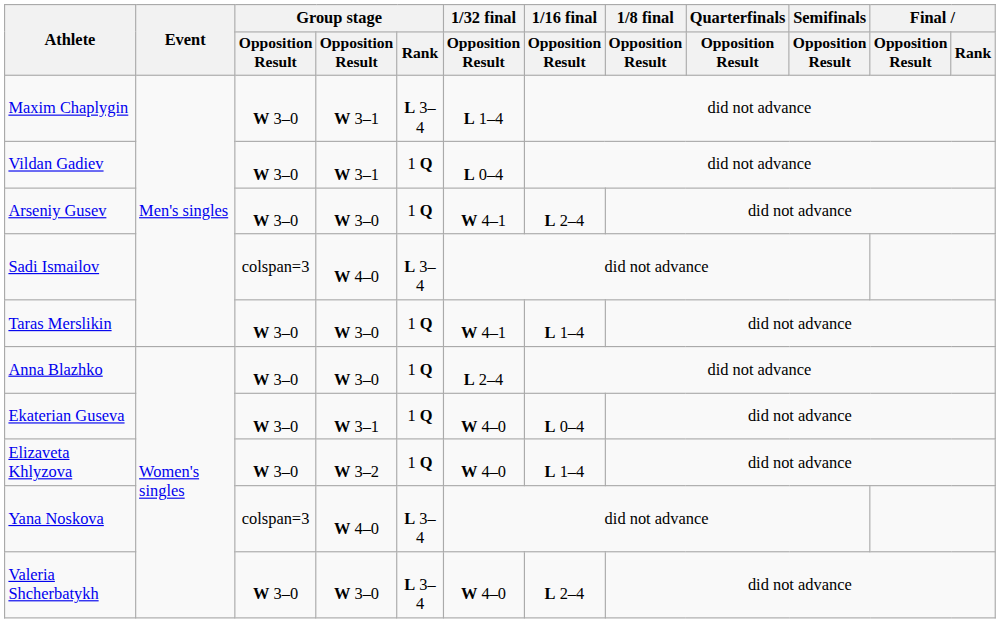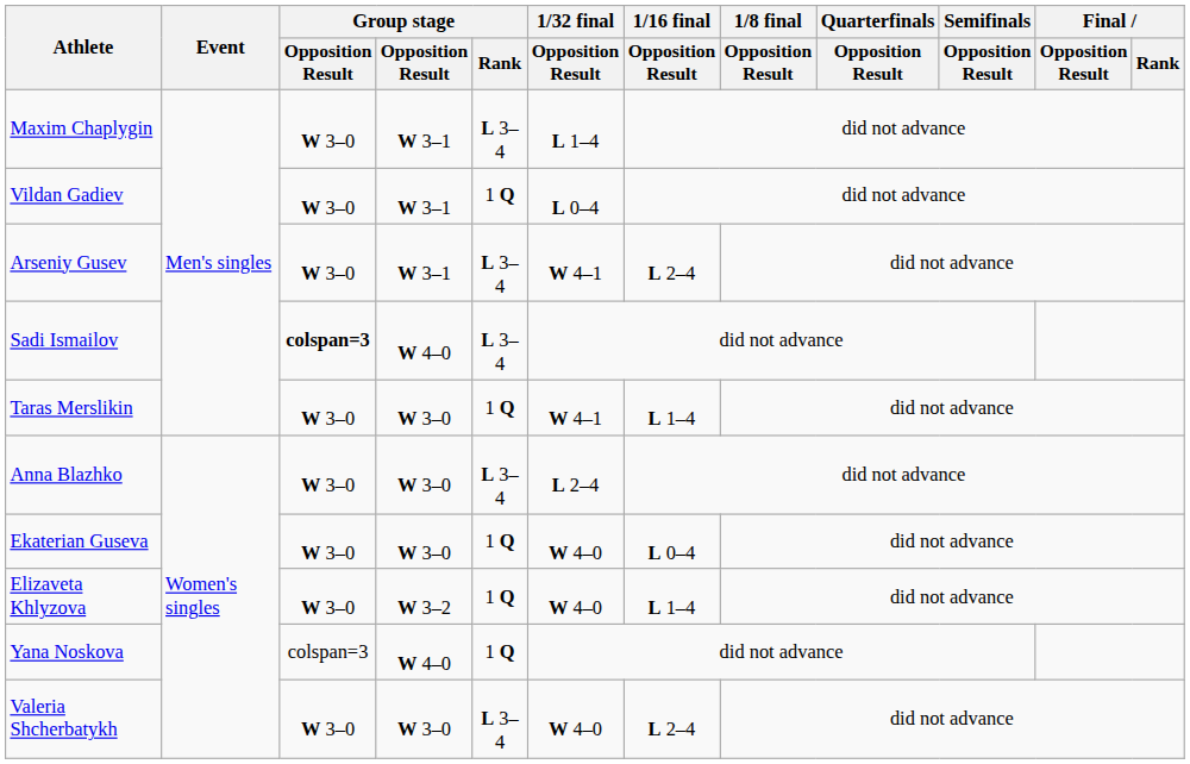 <table class="wikitable" style="text-align:center; font-size:90%">
 <tr>
 <th rowspan=2>Athlete</th>
 <th rowspan=2>Event</th>
 <th colspan=3>Group stage</th>
 <th>1/32 final</th>
 <th>1/16 final</th>
 <th>1/8 final</th>
 <th>Quarterfinals</th>
 <th>Semifinals</th>
 <th colspan=2>Final / </th>
 </tr>
 <tr style="font-size:95%">
 <th>Opposition<br>Result</th>
 <th>Opposition<br>Result</th>
 <th>Rank</th>
 <th>Opposition<br>Result</th>
 <th>Opposition<br>Result</th>
 <th>Opposition<br>Result</th>
 <th>Opposition<br>Result</th>
 <th>Opposition<br>Result</th>
 <th>Opposition<br>Result</th>
 <th>Rank</th>
 </tr>
 <tr>
 <td align=left><a href='#'>Maxim Chaplygin</a></td>
 <td align=left rowspan=5><a href='#'>Men's singles</a></td>
 <td><br><strong>W</strong> 3–0</td>
 <td><br><strong>W</strong> 3–1</td>
 <td><br><strong>L</strong> 3–4</td>
 <td><br><strong>L</strong> 1–4</td>
 <td colspan=6>did not advance</td>
 </tr>
 <tr>
 <td align=left><a href='#'>Vildan Gadiev</a></td>
 <td><br><strong>W</strong> 3–0</td>
 <td><br><strong>W</strong> 3–1</td>
 <td>1 <strong>Q</strong></td>
 <td><br><strong>L</strong> 0–4</td>
 <td colspan=6>did not advance</td>
 </tr>
 <tr>
 <td align=left><a href='#'>Arseniy Gusev</a></td>
 <td><br><strong>W</strong> 3–0</td>
-<td><br><strong>W</strong> 3–0</td>
-<td>1 <strong>Q</strong></td>
+<td><br><strong>W</strong> 3–1</td>
+<td><br><strong>L</strong> 3–4</td>
 <td><br><strong>W</strong> 4–1</td>
 <td><br><strong>L</strong> 2–4</td>
 <td colspan=5>did not advance</td>
 </tr>
 <tr>
 <td align=left><a href='#'>Sadi Ismailov</a></td>
-<td>colspan=3 </td>
+<td><strong>colspan=3 </strong></td>
 <td><br><strong>W</strong> 4–0</td>
 <td><br><strong>L</strong> 3–4</td>
 <td colspan=5>did not advance</td>
 </tr>
 <tr>
 <td align=left><a href='#'>Taras Merslikin</a></td>
 <td><br><strong>W</strong> 3–0</td>
 <td><br><strong>W</strong> 3–0</td>
 <td>1 <strong>Q</strong></td>
 <td><br><strong>W</strong> 4–1</td>
 <td><br><strong>L</strong> 1–4</td>
 <td colspan=5>did not advance</td>
 </tr>
 <tr>
 <td align=left><a href='#'>Anna Blazhko</a></td>
 <td align=left rowspan=5><a href='#'>Women's singles</a></td>
 <td><br><strong>W</strong> 3–0</td>
 <td><br><strong>W</strong> 3–0</td>
-<td>1 <strong>Q</strong></td>
+<td><br><strong>L</strong> 3–4</td>
 <td><br><strong>L</strong> 2–4</td>
 <td colspan=6>did not advance</td>
 </tr>
 <tr>
 <td align=left><a href='#'>Ekaterian Guseva</a></td>
 <td><br><strong>W</strong> 3–0</td>
-<td><br><strong>W</strong> 3–1</td>
+<td><br><strong>W</strong> 3–0</td>
 <td>1 <strong>Q</strong></td>
 <td><br><strong>W</strong> 4–0</td>
 <td><br><strong>L</strong> 0–4</td>
 <td colspan=5>did not advance</td>
 </tr>
 <tr>
 <td align=left><a href='#'>Elizaveta Khlyzova</a></td>
 <td><br><strong>W</strong> 3–0</td>
 <td><br><strong>W</strong> 3–2</td>
 <td>1 <strong>Q</strong></td>
 <td><br><strong>W</strong> 4–0</td>
 <td><br><strong>L</strong> 1–4</td>
 <td colspan=5>did not advance</td>
 </tr>
 <tr>
 <td align=left><a href='#'>Yana Noskova</a></td>
 <td>colspan=3 </td>
 <td><br><strong>W</strong> 4–0</td>
-<td><br><strong>L</strong> 3–4</td>
+<td>1 <strong>Q</strong></td>
 <td colspan=5>did not advance</td>
 </tr>
 <tr>
 <td align=left><a href='#'>Valeria Shcherbatykh</a></td>
 <td><br><strong>W</strong> 3–0</td>
 <td><br><strong>W</strong> 3–0</td>
 <td><br><strong>L</strong> 3–4</td>
 <td><br><strong>W</strong> 4–0</td>
 <td><br><strong>L</strong> 2–4</td>
 <td colspan=5>did not advance</td>
 </tr>
 </table>
